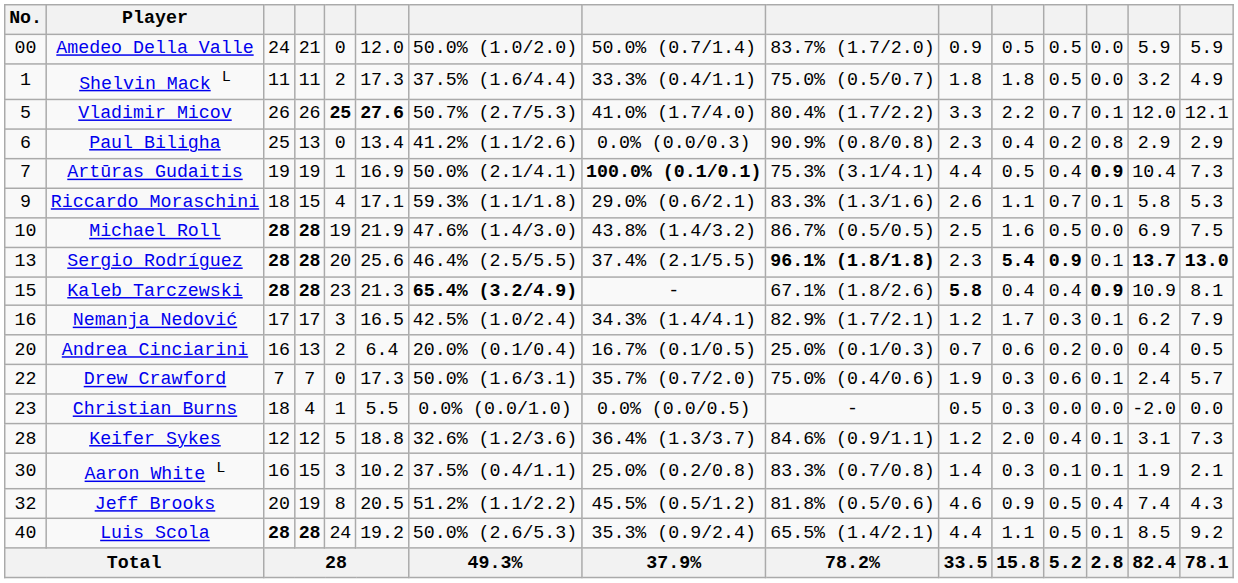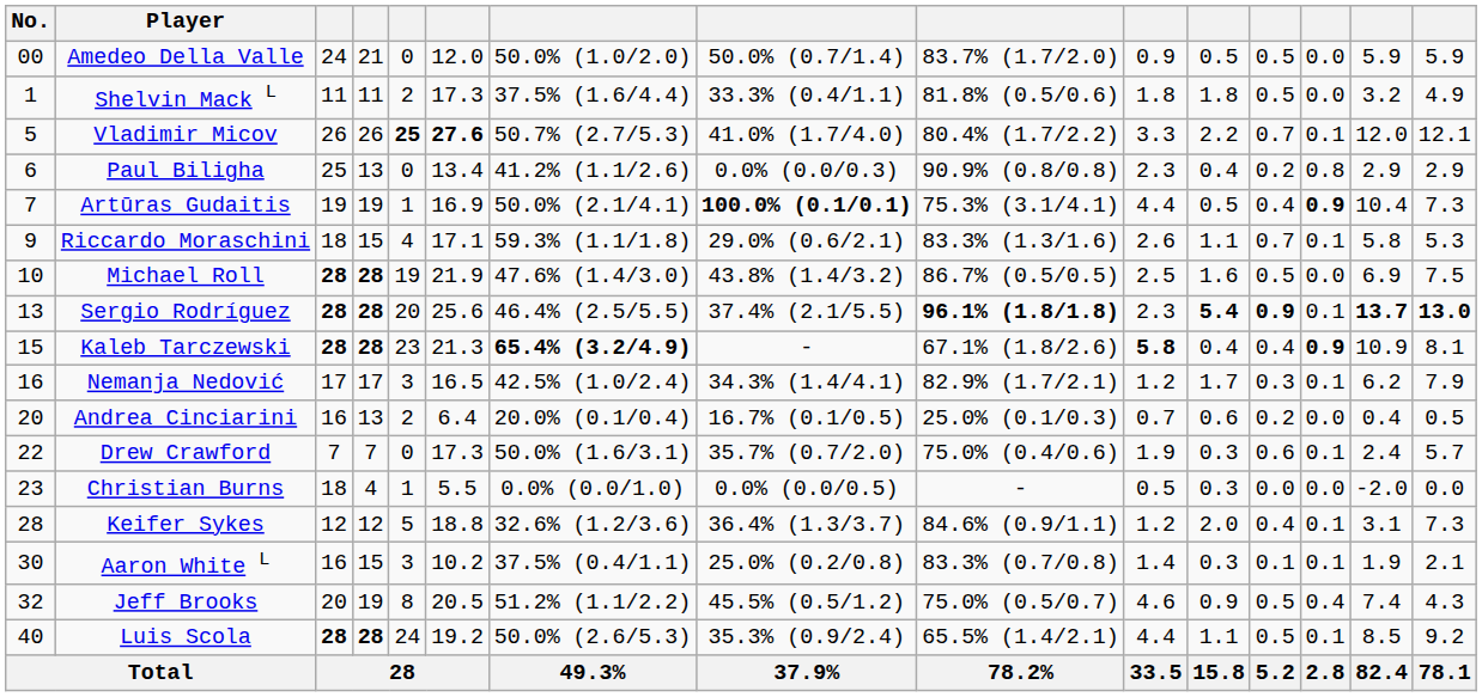 <table class="wikitable sortable" style="text-align:center; font-size:95%">
 <tr>
 <th>No.</th>
 <th>Player</th>
 <th></th>
 <th></th>
 <th></th>
 <th></th>
 <th></th>
 <th></th>
 <th></th>
 <th></th>
 <th></th>
 <th></th>
 <th></th>
 <th></th>
 <th></th>
 </tr>
 <tr>
 <td>00</td>
 <td><a href='#'>Amedeo Della Valle</a></td>
 <td>24</td>
 <td>21</td>
 <td>0</td>
 <td>12.0</td>
 <td>50.0% (1.0/2.0)</td>
 <td>50.0% (0.7/1.4)</td>
 <td>83.7% (1.7/2.0)</td>
 <td>0.9</td>
 <td>0.5</td>
 <td>0.5</td>
 <td>0.0</td>
 <td>5.9</td>
 <td>5.9</td>
 </tr>
 <tr>
 <td>1</td>
 <td><a href='#'>Shelvin Mack</a> <sup>L</sup></td>
 <td>11</td>
 <td>11</td>
 <td>2</td>
 <td>17.3</td>
 <td>37.5% (1.6/4.4)</td>
 <td>33.3% (0.4/1.1)</td>
-<td>75.0% (0.5/0.7)</td>
+<td>81.8% (0.5/0.6)</td>
 <td>1.8</td>
 <td>1.8</td>
 <td>0.5</td>
 <td>0.0</td>
 <td>3.2</td>
 <td>4.9</td>
 </tr>
 <tr>
 <td>5</td>
 <td><a href='#'>Vladimir Micov</a></td>
 <td>26</td>
 <td>26</td>
 <td><strong>25</strong></td>
 <td><strong>27.6</strong></td>
 <td>50.7% (2.7/5.3)</td>
 <td>41.0% (1.7/4.0)</td>
 <td>80.4% (1.7/2.2)</td>
 <td>3.3</td>
 <td>2.2</td>
 <td>0.7</td>
 <td>0.1</td>
 <td>12.0</td>
 <td>12.1</td>
 </tr>
 <tr>
 <td>6</td>
 <td><a href='#'>Paul Biligha</a></td>
 <td>25</td>
 <td>13</td>
 <td>0</td>
 <td>13.4</td>
 <td>41.2% (1.1/2.6)</td>
 <td>0.0% (0.0/0.3)</td>
 <td>90.9% (0.8/0.8)</td>
 <td>2.3</td>
 <td>0.4</td>
 <td>0.2</td>
 <td>0.8</td>
 <td>2.9</td>
 <td>2.9</td>
 </tr>
 <tr>
 <td>7</td>
 <td><a href='#'>Artūras Gudaitis</a></td>
 <td>19</td>
 <td>19</td>
 <td>1</td>
 <td>16.9</td>
 <td>50.0% (2.1/4.1)</td>
 <td><strong>100.0% (0.1/0.1)</strong></td>
 <td>75.3% (3.1/4.1)</td>
 <td>4.4</td>
 <td>0.5</td>
 <td>0.4</td>
 <td><strong>0.9</strong></td>
 <td>10.4</td>
 <td>7.3</td>
 </tr>
 <tr>
 <td>9</td>
 <td><a href='#'>Riccardo Moraschini</a></td>
 <td>18</td>
 <td>15</td>
 <td>4</td>
 <td>17.1</td>
 <td>59.3% (1.1/1.8)</td>
 <td>29.0% (0.6/2.1)</td>
 <td>83.3% (1.3/1.6)</td>
 <td>2.6</td>
 <td>1.1</td>
 <td>0.7</td>
 <td>0.1</td>
 <td>5.8</td>
 <td>5.3</td>
 </tr>
 <tr>
 <td>10</td>
 <td><a href='#'>Michael Roll</a></td>
 <td><strong>28</strong></td>
 <td><strong>28</strong></td>
 <td>19</td>
 <td>21.9</td>
 <td>47.6% (1.4/3.0)</td>
 <td>43.8% (1.4/3.2)</td>
 <td>86.7% (0.5/0.5)</td>
 <td>2.5</td>
 <td>1.6</td>
 <td>0.5</td>
 <td>0.0</td>
 <td>6.9</td>
 <td>7.5</td>
 </tr>
 <tr>
 <td>13</td>
 <td><a href='#'>Sergio Rodríguez</a></td>
 <td><strong>28</strong></td>
 <td><strong>28</strong></td>
 <td>20</td>
 <td>25.6</td>
 <td>46.4% (2.5/5.5)</td>
 <td>37.4% (2.1/5.5)</td>
 <td><strong>96.1% (1.8/1.8)</strong></td>
 <td>2.3</td>
 <td><strong>5.4</strong></td>
 <td><strong>0.9</strong></td>
 <td>0.1</td>
 <td><strong>13.7</strong></td>
 <td><strong>13.0</strong></td>
 </tr>
 <tr>
 <td>15</td>
 <td><a href='#'>Kaleb Tarczewski</a></td>
 <td><strong>28</strong></td>
 <td><strong>28</strong></td>
 <td>23</td>
 <td>21.3</td>
 <td><strong>65.4% (3.2/4.9)</strong></td>
 <td>-</td>
 <td>67.1% (1.8/2.6)</td>
 <td><strong>5.8</strong></td>
 <td>0.4</td>
 <td>0.4</td>
 <td><strong>0.9</strong></td>
 <td>10.9</td>
 <td>8.1</td>
 </tr>
 <tr>
 <td>16</td>
 <td><a href='#'>Nemanja Nedović</a></td>
 <td>17</td>
 <td>17</td>
 <td>3</td>
 <td>16.5</td>
 <td>42.5% (1.0/2.4)</td>
 <td>34.3% (1.4/4.1)</td>
 <td>82.9% (1.7/2.1)</td>
 <td>1.2</td>
 <td>1.7</td>
 <td>0.3</td>
 <td>0.1</td>
 <td>6.2</td>
 <td>7.9</td>
 </tr>
 <tr>
 <td>20</td>
 <td><a href='#'>Andrea Cinciarini</a></td>
 <td>16</td>
 <td>13</td>
 <td>2</td>
 <td>6.4</td>
 <td>20.0% (0.1/0.4)</td>
 <td>16.7% (0.1/0.5)</td>
 <td>25.0% (0.1/0.3)</td>
 <td>0.7</td>
 <td>0.6</td>
 <td>0.2</td>
 <td>0.0</td>
 <td>0.4</td>
 <td>0.5</td>
 </tr>
 <tr>
 <td>22</td>
 <td><a href='#'>Drew Crawford</a></td>
 <td>7</td>
 <td>7</td>
 <td>0</td>
 <td>17.3</td>
 <td>50.0% (1.6/3.1)</td>
 <td>35.7% (0.7/2.0)</td>
 <td>75.0% (0.4/0.6)</td>
 <td>1.9</td>
 <td>0.3</td>
 <td>0.6</td>
 <td>0.1</td>
 <td>2.4</td>
 <td>5.7</td>
 </tr>
 <tr>
 <td>23</td>
 <td><a href='#'>Christian Burns</a></td>
 <td>18</td>
 <td>4</td>
 <td>1</td>
 <td>5.5</td>
 <td>0.0% (0.0/1.0)</td>
 <td>0.0% (0.0/0.5)</td>
 <td>-</td>
 <td>0.5</td>
 <td>0.3</td>
 <td>0.0</td>
 <td>0.0</td>
 <td>-2.0</td>
 <td>0.0</td>
 </tr>
 <tr>
 <td>28</td>
 <td><a href='#'>Keifer Sykes</a></td>
 <td>12</td>
 <td>12</td>
 <td>5</td>
 <td>18.8</td>
 <td>32.6% (1.2/3.6)</td>
 <td>36.4% (1.3/3.7)</td>
 <td>84.6% (0.9/1.1)</td>
 <td>1.2</td>
 <td>2.0</td>
 <td>0.4</td>
 <td>0.1</td>
 <td>3.1</td>
 <td>7.3</td>
 </tr>
 <tr>
 <td>30</td>
 <td><a href='#'>Aaron White</a> <sup>L</sup></td>
 <td>16</td>
 <td>15</td>
 <td>3</td>
 <td>10.2</td>
 <td>37.5% (0.4/1.1)</td>
 <td>25.0% (0.2/0.8)</td>
 <td>83.3% (0.7/0.8)</td>
 <td>1.4</td>
 <td>0.3</td>
 <td>0.1</td>
 <td>0.1</td>
 <td>1.9</td>
 <td>2.1</td>
 </tr>
 <tr>
 <td>32</td>
 <td><a href='#'>Jeff Brooks</a></td>
 <td>20</td>
 <td>19</td>
 <td>8</td>
 <td>20.5</td>
 <td>51.2% (1.1/2.2)</td>
 <td>45.5% (0.5/1.2)</td>
-<td>81.8% (0.5/0.6)</td>
+<td>75.0% (0.5/0.7)</td>
 <td>4.6</td>
 <td>0.9</td>
 <td>0.5</td>
 <td>0.4</td>
 <td>7.4</td>
 <td>4.3</td>
 </tr>
 <tr>
 <td>40</td>
 <td><a href='#'>Luis Scola</a></td>
 <td><strong>28</strong></td>
 <td><strong>28</strong></td>
 <td>24</td>
 <td>19.2</td>
 <td>50.0% (2.6/5.3)</td>
 <td>35.3% (0.9/2.4)</td>
 <td>65.5% (1.4/2.1)</td>
 <td>4.4</td>
 <td>1.1</td>
 <td>0.5</td>
 <td>0.1</td>
 <td>8.5</td>
 <td>9.2</td>
 </tr>
 <tr class="sortbottom">
 <th colspan=2>Total</th>
 <th colspan=4>28</th>
 <th>49.3%</th>
 <th>37.9%</th>
 <th>78.2%</th>
 <th>33.5</th>
 <th>15.8</th>
 <th>5.2</th>
 <th>2.8</th>
 <th>82.4</th>
 <th>78.1</th>
 </tr>
 </table>
